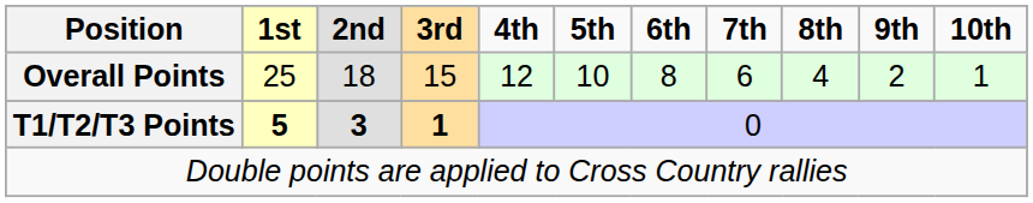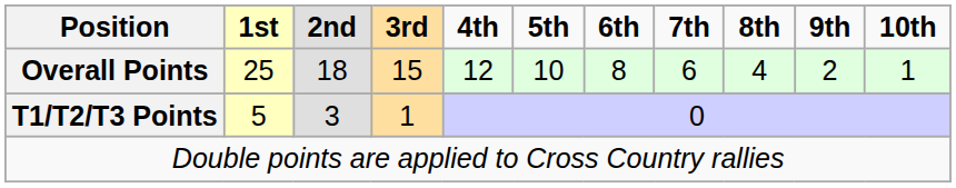 <table class="wikitable" style="font-size:85%; text-align:center">
 <tr>
 <th>Position</th>
 <td style="background:#ffffbf;"> <strong>1st</strong> </td>
 <td style="background:#dfdfdf;"> <strong>2nd</strong> </td>
 <td style="background:#ffdf9f;"> <strong>3rd</strong> </td>
 <td> <strong>4th</strong> </td>
 <td> <strong>5th</strong> </td>
 <td> <strong>6th</strong> </td>
 <td> <strong>7th</strong> </td>
 <td> <strong>8th</strong> </td>
 <td> <strong>9th</strong> </td>
 <td> <strong>10th</strong> </td>
 </tr>
 <tr>
 <th>Overall Points</th>
 <td style="background:#ffffbf;">25</td>
 <td style="background:#dfdfdf;">18</td>
 <td style="background:#ffdf9f;">15</td>
 <td style="background:#dfffdf;">12</td>
 <td style="background:#dfffdf;">10</td>
 <td style="background:#dfffdf;">8</td>
 <td style="background:#dfffdf;">6</td>
 <td style="background:#dfffdf;">4</td>
 <td style="background:#dfffdf;">2</td>
 <td style="background:#dfffdf;">1</td>
 </tr>
 <tr>
 <th>T1/T2/T3 Points</th>
-<td style="background:#ffffbf;"><strong>5</strong></td>
-<td style="background:#dfdfdf;"><strong>3</strong></td>
-<td style="background:#ffdf9f;"><strong>1</strong></td>
+<td style="background:#ffffbf;">5</td>
+<td style="background:#dfdfdf;">3</td>
+<td style="background:#ffdf9f;">1</td>
 <td style="background:#cfcfff;" colspan=7>0</td>
 </tr>
 <tr>
 <td colspan=11 align=center><em>Double points are applied to Cross Country rallies</em></td>
 </tr>
 </table>
